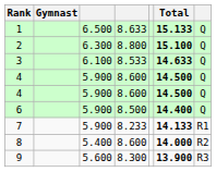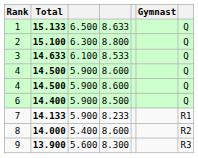 <table class="wikitable sortable" style="text-align:center">
 <tr>
 <th>Rank</th>
-<th>Gymnast</th>
+<th>Total</th>
 <th><small></small></th>
 <th><small></small></th>
 <th><small></small></th>
-<th>Total</th>
+<th>Gymnast</th>
 <th><small></small></th>
 </tr>
 <tr bgcolor=ccffcc>
 <td>1</td>
-<td align=left></td>
+<td><strong>15.133</strong></td>
 <td>6.500</td>
 <td>8.633</td>
 <td></td>
-<td><strong>15.133</strong></td>
+<td align=left></td>
 <td>Q</td>
 </tr>
 <tr bgcolor=ccffcc>
 <td>2</td>
-<td align=left></td>
+<td><strong>15.100</strong></td>
 <td>6.300</td>
 <td>8.800</td>
 <td></td>
-<td><strong>15.100</strong></td>
+<td align=left></td>
 <td>Q</td>
 </tr>
 <tr bgcolor=ccffcc>
 <td>3</td>
-<td align=left></td>
+<td><strong>14.633</strong></td>
 <td>6.100</td>
 <td>8.533</td>
 <td></td>
-<td><strong>14.633</strong></td>
+<td align=left></td>
 <td>Q</td>
 </tr>
 <tr bgcolor=ccffcc>
 <td>4</td>
-<td align=left></td>
+<td><strong>14.500</strong></td>
 <td>5.900</td>
 <td>8.600</td>
 <td></td>
-<td><strong>14.500</strong></td>
+<td align=left></td>
 <td>Q</td>
 </tr>
 <tr bgcolor=ccffcc>
 <td>4</td>
-<td align=left></td>
+<td><strong>14.500</strong></td>
 <td>5.900</td>
 <td>8.600</td>
 <td></td>
-<td><strong>14.500</strong></td>
+<td align=left></td>
 <td>Q</td>
 </tr>
 <tr bgcolor=ccffcc>
 <td>6</td>
-<td align=left></td>
+<td><strong>14.400</strong></td>
 <td>5.900</td>
 <td>8.500</td>
 <td></td>
-<td><strong>14.400</strong></td>
+<td align=left></td>
 <td>Q</td>
 </tr>
 <tr>
 <td>7</td>
-<td align=left></td>
+<td><strong>14.133</strong></td>
 <td>5.900</td>
 <td>8.233</td>
 <td></td>
-<td><strong>14.133</strong></td>
+<td align=left></td>
 <td>R1</td>
 </tr>
 <tr>
 <td>8</td>
-<td align=left></td>
+<td><strong>14.000</strong></td>
 <td>5.400</td>
 <td>8.600</td>
 <td></td>
-<td><strong>14.000</strong></td>
+<td align=left></td>
 <td>R2</td>
 </tr>
 <tr>
 <td>9</td>
-<td align=left></td>
+<td><strong>13.900</strong></td>
 <td>5.600</td>
 <td>8.300</td>
 <td></td>
-<td><strong>13.900</strong></td>
+<td align=left></td>
 <td>R3</td>
 </tr>
 </table>
